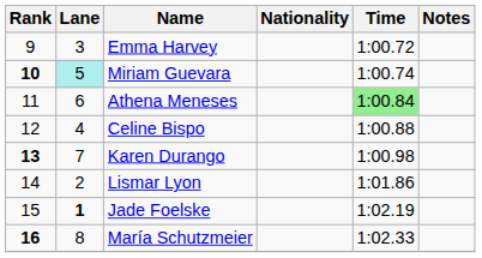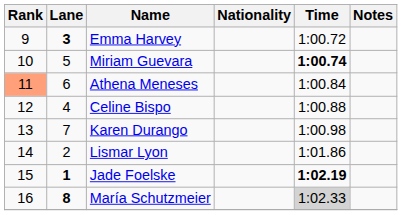 <table class="wikitable sortable" style="text-align:center">
 <tr>
 <th>Rank</th>
 <th>Lane</th>
 <th>Name</th>
 <th>Nationality</th>
 <th>Time</th>
 <th>Notes</th>
 </tr>
 <tr>
 <td>9</td>
-<td>3</td>
+<td><strong>3</strong></td>
 <td align="left"><a href='#'>Emma Harvey</a></td>
 <td align="left"></td>
 <td>1:00.72</td>
 <td></td>
 </tr>
 <tr>
-<td><strong>10</strong></td>
-<td style="background: paleturquoise;">5</td>
+<td>10</td>
+<td>5</td>
 <td align="left"><a href='#'>Miriam Guevara</a></td>
 <td align="left"></td>
-<td>1:00.74</td>
+<td><strong>1:00.74</strong></td>
 <td></td>
 </tr>
 <tr>
-<td>11</td>
+<td style="background: lightsalmon;">11</td>
 <td>6</td>
 <td align="left"><a href='#'>Athena Meneses</a></td>
 <td align="left"></td>
-<td style="background: lightgreen;">1:00.84</td>
+<td>1:00.84</td>
 <td></td>
 </tr>
 <tr>
 <td>12</td>
 <td>4</td>
 <td align="left"><a href='#'>Celine Bispo</a></td>
 <td align="left"></td>
 <td>1:00.88</td>
 <td></td>
 </tr>
 <tr>
-<td><strong>13</strong></td>
+<td>13</td>
 <td>7</td>
 <td align="left"><a href='#'>Karen Durango</a></td>
 <td align="left"></td>
 <td>1:00.98</td>
 <td></td>
 </tr>
 <tr>
 <td>14</td>
 <td>2</td>
 <td align="left"><a href='#'>Lismar Lyon</a></td>
 <td align="left"></td>
 <td>1:01.86</td>
 <td></td>
 </tr>
 <tr>
 <td>15</td>
 <td><strong>1</strong></td>
 <td align="left"><a href='#'>Jade Foelske</a></td>
 <td align="left"></td>
-<td>1:02.19</td>
+<td><strong>1:02.19</strong></td>
 <td></td>
 </tr>
 <tr>
-<td><strong>16</strong></td>
-<td>8</td>
+<td>16</td>
+<td><strong>8</strong></td>
 <td align="left"><a href='#'>María Schutzmeier</a></td>
 <td align="left"></td>
-<td>1:02.33</td>
+<td style="background: lightgrey;">1:02.33</td>
 <td></td>
 </tr>
 <tr>
 </tr>
 </table>
